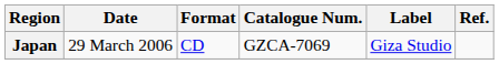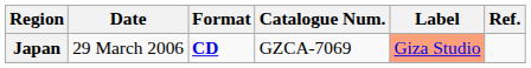 <table class="wikitable sortable plainrowheaders">
 <tr>
 <th scope="col">Region</th>
 <th scope="col">Date</th>
 <th scope="col">Format</th>
 <th scope="col">Catalogue Num.</th>
 <th scope="col">Label</th>
 <th scope="col">Ref.</th>
 </tr>
 <tr>
 <th scope="row">Japan</th>
 <td>29 March 2006</td>
-<td><a href='#'>CD</a></td>
+<td><strong><a href='#'>CD</a></strong></td>
 <td>GZCA-7069</td>
-<td><a href='#'>Giza Studio</a></td>
+<td style="background: lightsalmon;"><a href='#'>Giza Studio</a></td>
 <td></td>
 </tr>
 <tr>
 </tr>
 </table>
